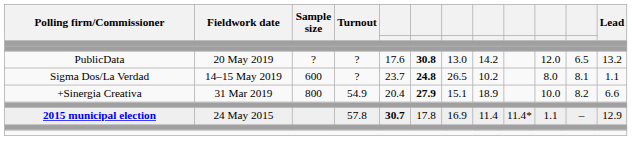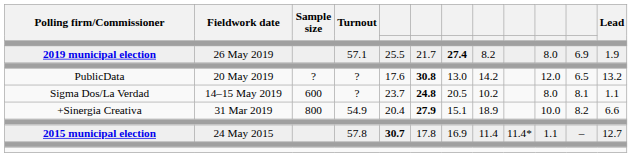 <table class="wikitable collapsible collapsed" style="text-align:center; font-size:95%; line-height:16px;">
 <tr style="height:42px;">
 <th style="width:250px;" rowspan="2">Polling firm/Commissioner</th>
 <th style="width:125px;" rowspan="2">Fieldwork date</th>
 <th style="width:50px;" rowspan="2">Sample size</th>
 <th style="width:45px;" rowspan="2">Turnout</th>
 <th style="width:35px;"></th>
 <th style="width:35px;"></th>
 <th style="width:35px;"></th>
 <th style="width:35px;"></th>
 <th style="width:35px;"></th>
 <th style="width:35px;"></th>
 <th style="width:35px;"></th>
 <th style="width:30px;" rowspan="2">Lead</th>
 </tr>
 <tr>
 <th style="color:inherit;background:"></th>
 <th style="color:inherit;background:"></th>
 <th style="color:inherit;background:"></th>
 <th style="color:inherit;background:"></th>
 <th style="color:inherit;background:"></th>
 <th style="color:inherit;background:"></th>
 <th style="color:inherit;background:"></th>
 </tr>
 <tr>
 <td colspan="12" style="background:#A0A0A0"></td>
 </tr>
+<tr style="background:#EFEFEF;">
+<td><strong><a href='#'>2019 municipal election</a></strong></td>
+<td>26 May 2019</td>
+<td></td>
+<td>57.1</td>
+<td>25.5<br></td>
+<td>21.7<br></td>
+<td><strong>27.4</strong><br></td>
+<td>8.2<br></td>
+<td></td>
+<td>8.0<br></td>
+<td>6.9<br></td>
+<td style="background:">1.9</td>
+</tr>
 <tr>
 <td colspan="12" style="background:#A0A0A0"></td>
 </tr>
 <tr>
 <td>PublicData</td>
 <td>20 May 2019</td>
 <td>?</td>
 <td>?</td>
 <td>17.6<br></td>
 <td><strong>30.8</strong><br></td>
 <td>13.0<br></td>
 <td>14.2<br></td>
 <td></td>
 <td>12.0<br></td>
 <td>6.5<br></td>
 <td style="background:">13.2</td>
 </tr>
 <tr>
 <td>Sigma Dos/La Verdad</td>
 <td>14–15 May 2019</td>
 <td>600</td>
 <td>?</td>
 <td>23.7<br></td>
 <td><strong>24.8</strong><br></td>
-<td>26.5<br></td>
+<td>20.5<br></td>
 <td>10.2<br></td>
 <td></td>
 <td>8.0<br></td>
 <td>8.1<br></td>
 <td style="background:">1.1</td>
 </tr>
 <tr>
 <td>+Sinergia Creativa</td>
 <td>31 Mar 2019</td>
 <td>800</td>
 <td>54.9</td>
 <td>20.4<br></td>
 <td><strong>27.9</strong><br></td>
 <td>15.1<br></td>
 <td>18.9<br></td>
 <td></td>
 <td>10.0<br></td>
 <td>8.2<br></td>
 <td style="background:">6.6</td>
 </tr>
 <tr>
 <td colspan="12" style="background:#A0A0A0"></td>
 </tr>
 <tr style="background:#EFEFEF;">
 <td><strong><a href='#'>2015 municipal election</a></strong></td>
 <td>24 May 2015</td>
 <td></td>
 <td>57.8</td>
 <td><strong>30.7</strong><br></td>
 <td>17.8<br></td>
 <td>16.9<br></td>
 <td>11.4<br></td>
 <td>11.4*<br></td>
 <td>1.1<br></td>
 <td>–</td>
-<td style="background:">12.9</td>
+<td style="background:">12.7</td>
 </tr>
 <tr>
 <td colspan="12" style="background:#A0A0A0"></td>
 </tr>
 <tr>
 <td align="left" colspan="12"></td>
 </tr>
 </table>
